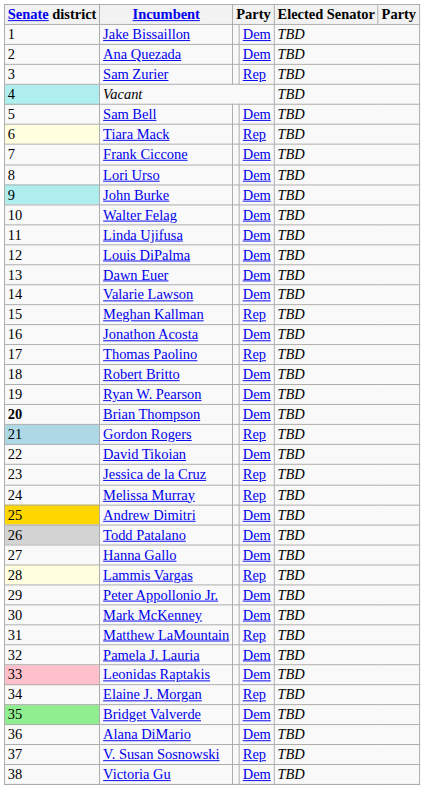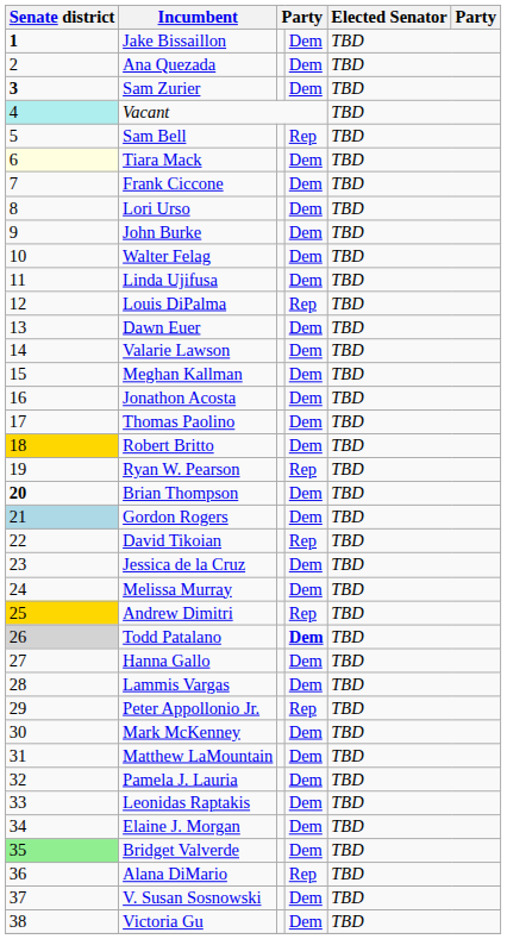 <table class="sortable wikitable" style="font-size:95%;line-height:14px;">
 <tr>
 <th colspan="1" class="sortable"><a href='#'>Senate</a> district</th>
 <th class="unsortable"><a href='#'>Incumbent</a></th>
 <th colspan="2">Party</th>
 <th class="unsortable">Elected Senator</th>
 <th colspan="2">Party</th>
 </tr>
 <tr>
-<td>1</td>
+<td><strong>1</strong></td>
 <td><a href='#'>Jake Bissaillon</a></td>
 <td style="background:"></td>
 <td><a href='#'>Dem</a></td>
 <td colspan=3><em>TBD</em></td>
 </tr>
 <tr>
 <td>2</td>
 <td><a href='#'>Ana Quezada</a></td>
 <td style="background:"></td>
 <td><a href='#'>Dem</a></td>
 <td colspan=3><em>TBD</em></td>
 </tr>
 <tr>
-<td>3</td>
+<td><strong>3</strong></td>
 <td><a href='#'>Sam Zurier</a></td>
 <td style="background:"></td>
-<td><a href='#'>Rep</a></td>
+<td><a href='#'>Dem</a></td>
 <td colspan=3><em>TBD</em></td>
 </tr>
 <tr>
 <td style="background: paleturquoise;">4</td>
 <td colspan=3><em>Vacant</em></td>
 <td colspan=3><em>TBD</em></td>
 </tr>
 <tr>
 <td>5</td>
 <td><a href='#'>Sam Bell</a></td>
 <td style="background:"></td>
-<td><a href='#'>Dem</a></td>
+<td><a href='#'>Rep</a></td>
 <td colspan=3><em>TBD</em></td>
 </tr>
 <tr>
 <td style="background: lightyellow;">6</td>
 <td><a href='#'>Tiara Mack</a></td>
 <td style="background:"></td>
-<td><a href='#'>Rep</a></td>
+<td><a href='#'>Dem</a></td>
 <td colspan=3><em>TBD</em></td>
 </tr>
 <tr>
 <td>7</td>
 <td><a href='#'>Frank Ciccone</a></td>
 <td style="background:"></td>
 <td><a href='#'>Dem</a></td>
 <td colspan=3><em>TBD</em></td>
 </tr>
 <tr>
 <td>8</td>
 <td><a href='#'>Lori Urso</a></td>
 <td style="background:"></td>
 <td><a href='#'>Dem</a></td>
 <td colspan=3><em>TBD</em></td>
 </tr>
 <tr>
-<td style="background: paleturquoise;">9</td>
+<td>9</td>
 <td><a href='#'>John Burke</a></td>
 <td style="background:"></td>
 <td><a href='#'>Dem</a></td>
 <td colspan=3><em>TBD</em></td>
 </tr>
 <tr>
 <td>10</td>
 <td><a href='#'>Walter Felag</a></td>
 <td style="background:"></td>
 <td><a href='#'>Dem</a></td>
 <td colspan=3><em>TBD</em></td>
 </tr>
 <tr>
 <td>11</td>
 <td><a href='#'>Linda Ujifusa</a></td>
 <td style="background:"></td>
 <td><a href='#'>Dem</a></td>
 <td colspan=3><em>TBD</em></td>
 </tr>
 <tr>
 <td>12</td>
 <td><a href='#'>Louis DiPalma</a></td>
 <td style="background:"></td>
-<td><a href='#'>Dem</a></td>
+<td><a href='#'>Rep</a></td>
 <td colspan=3><em>TBD</em></td>
 </tr>
 <tr>
 <td>13</td>
 <td><a href='#'>Dawn Euer</a></td>
 <td style="background:"></td>
 <td><a href='#'>Dem</a></td>
 <td colspan=3><em>TBD</em></td>
 </tr>
 <tr>
 <td>14</td>
 <td><a href='#'>Valarie Lawson</a></td>
 <td style="background:"></td>
 <td><a href='#'>Dem</a></td>
 <td colspan=3><em>TBD</em></td>
 </tr>
 <tr>
 <td>15</td>
 <td><a href='#'>Meghan Kallman</a></td>
 <td style="background:"></td>
-<td><a href='#'>Rep</a></td>
+<td><a href='#'>Dem</a></td>
 <td colspan=3><em>TBD</em></td>
 </tr>
 <tr>
 <td>16</td>
 <td><a href='#'>Jonathon Acosta</a></td>
 <td style="background:"></td>
 <td><a href='#'>Dem</a></td>
 <td colspan=3><em>TBD</em></td>
 </tr>
 <tr>
 <td>17</td>
 <td><a href='#'>Thomas Paolino</a></td>
 <td style="background:"></td>
-<td><a href='#'>Rep</a></td>
+<td><a href='#'>Dem</a></td>
 <td colspan=3><em>TBD</em></td>
 </tr>
 <tr>
-<td>18</td>
+<td style="background: gold;">18</td>
 <td><a href='#'>Robert Britto</a></td>
 <td style="background:"></td>
 <td><a href='#'>Dem</a></td>
 <td colspan=3><em>TBD</em></td>
 </tr>
 <tr>
 <td>19</td>
 <td><a href='#'>Ryan W. Pearson</a></td>
 <td style="background:"></td>
-<td><a href='#'>Dem</a></td>
+<td><a href='#'>Rep</a></td>
 <td colspan=3><em>TBD</em></td>
 </tr>
 <tr>
 <td><strong>20</strong></td>
 <td><a href='#'>Brian Thompson</a></td>
 <td style="background:"></td>
 <td><a href='#'>Dem</a></td>
 <td colspan=3><em>TBD</em></td>
 </tr>
 <tr>
 <td style="background: lightblue;">21</td>
 <td><a href='#'>Gordon Rogers</a></td>
 <td style="background:"></td>
-<td><a href='#'>Rep</a></td>
+<td><a href='#'>Dem</a></td>
 <td colspan=3><em>TBD</em></td>
 </tr>
 <tr>
 <td>22</td>
 <td><a href='#'>David Tikoian</a></td>
 <td style="background:"></td>
-<td><a href='#'>Dem</a></td>
+<td><a href='#'>Rep</a></td>
 <td colspan=3><em>TBD</em></td>
 </tr>
 <tr>
 <td>23</td>
 <td><a href='#'>Jessica de la Cruz</a></td>
 <td style="background:"></td>
-<td><a href='#'>Rep</a></td>
+<td><a href='#'>Dem</a></td>
 <td colspan=3><em>TBD</em></td>
 </tr>
 <tr>
 <td>24</td>
 <td><a href='#'>Melissa Murray</a></td>
 <td style="background:"></td>
-<td><a href='#'>Rep</a></td>
+<td><a href='#'>Dem</a></td>
 <td colspan=3><em>TBD</em></td>
 </tr>
 <tr>
 <td style="background: gold;">25</td>
 <td><a href='#'>Andrew Dimitri</a></td>
 <td style="background:"></td>
-<td><a href='#'>Dem</a></td>
+<td><a href='#'>Rep</a></td>
 <td colspan=3><em>TBD</em></td>
 </tr>
 <tr>
 <td style="background: lightgrey;">26</td>
 <td><a href='#'>Todd Patalano</a></td>
 <td style="background:"></td>
-<td><a href='#'>Dem</a></td>
+<td><strong><a href='#'>Dem</a></strong></td>
 <td colspan=3><em>TBD</em></td>
 </tr>
 <tr>
 <td>27</td>
 <td><a href='#'>Hanna Gallo</a></td>
 <td style="background:"></td>
 <td><a href='#'>Dem</a></td>
 <td colspan=3><em>TBD</em></td>
 </tr>
 <tr>
-<td style="background: lightyellow;">28</td>
+<td>28</td>
 <td><a href='#'>Lammis Vargas</a></td>
 <td style="background:"></td>
-<td><a href='#'>Rep</a></td>
+<td><a href='#'>Dem</a></td>
 <td colspan=3><em>TBD</em></td>
 </tr>
 <tr>
 <td>29</td>
 <td><a href='#'>Peter Appollonio Jr.</a></td>
 <td style="background:"></td>
-<td><a href='#'>Dem</a></td>
+<td><a href='#'>Rep</a></td>
 <td colspan=3><em>TBD</em></td>
 </tr>
 <tr>
 <td>30</td>
 <td><a href='#'>Mark McKenney</a></td>
 <td style="background:"></td>
 <td><a href='#'>Dem</a></td>
 <td colspan=3><em>TBD</em></td>
 </tr>
 <tr>
 <td>31</td>
 <td><a href='#'>Matthew LaMountain</a></td>
 <td style="background:"></td>
-<td><a href='#'>Rep</a></td>
+<td><a href='#'>Dem</a></td>
 <td colspan=3><em>TBD</em></td>
 </tr>
 <tr>
 <td>32</td>
 <td><a href='#'>Pamela J. Lauria</a></td>
 <td style="background:"></td>
 <td><a href='#'>Dem</a></td>
 <td colspan=3><em>TBD</em></td>
 </tr>
 <tr>
-<td style="background: pink;">33</td>
+<td>33</td>
 <td><a href='#'>Leonidas Raptakis</a></td>
 <td style="background:"></td>
 <td><a href='#'>Dem</a></td>
 <td colspan=3><em>TBD</em></td>
 </tr>
 <tr>
 <td>34</td>
 <td><a href='#'>Elaine J. Morgan</a></td>
 <td style="background:"></td>
-<td><a href='#'>Rep</a></td>
+<td><a href='#'>Dem</a></td>
 <td colspan=3><em>TBD</em></td>
 </tr>
 <tr>
 <td style="background: lightgreen;">35</td>
 <td><a href='#'>Bridget Valverde</a></td>
 <td style="background:"></td>
 <td><a href='#'>Dem</a></td>
 <td colspan=3><em>TBD</em></td>
 </tr>
 <tr>
 <td>36</td>
 <td><a href='#'>Alana DiMario</a></td>
 <td style="background:"></td>
-<td><a href='#'>Dem</a></td>
+<td><a href='#'>Rep</a></td>
 <td colspan=3><em>TBD</em></td>
 </tr>
 <tr>
 <td>37</td>
 <td><a href='#'>V. Susan Sosnowski</a></td>
 <td style="background:"></td>
-<td><a href='#'>Rep</a></td>
+<td><a href='#'>Dem</a></td>
 <td colspan=3><em>TBD</em></td>
 </tr>
 <tr>
 <td>38</td>
 <td><a href='#'>Victoria Gu</a></td>
 <td style="background:"></td>
 <td><a href='#'>Dem</a></td>
 <td colspan=3><em>TBD</em></td>
 </tr>
 <tr>
 </tr>
 </table>
